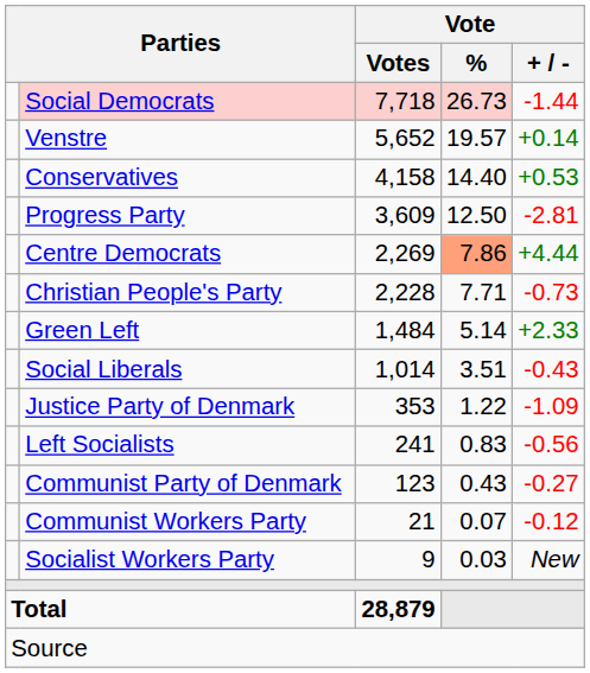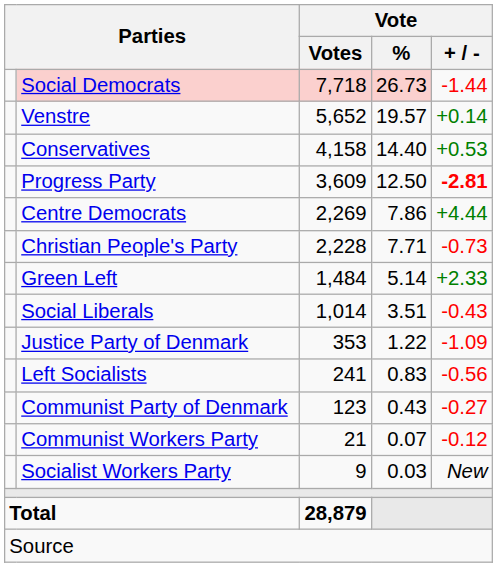 <table class="wikitable" style="text-align:right;">
 <tr>
 <th style="text-align:centre;" rowspan="2" colspan="2" width="225">Parties</th>
 <th colspan="3">Vote</th>
 </tr>
 <tr>
 <th width="15">Votes</th>
 <th width="15">%</th>
 <th width="15">+ / -</th>
 </tr>
 <tr>
 <td width="2" style="color:inherit;background:"></td>
 <td bgcolor=#fbd0ce  align="left"><a href='#'>Social Democrats</a></td>
 <td bgcolor=#fbd0ce>7,718</td>
 <td bgcolor=#fbd0ce>26.73</td>
 <td style=color:red;>-1.44</td>
 </tr>
 <tr>
 <td width="2" style="color:inherit;background:"></td>
 <td align="left"><a href='#'>Venstre</a></td>
 <td>5,652</td>
 <td>19.57</td>
 <td style=color:green;>+0.14</td>
 </tr>
 <tr>
 <td width="2" style="color:inherit;background:"></td>
 <td align="left"><a href='#'>Conservatives</a></td>
 <td>4,158</td>
 <td>14.40</td>
 <td style=color:green;>+0.53</td>
 </tr>
 <tr>
 <td width="2" style="color:inherit;background:"></td>
 <td align="left"><a href='#'>Progress Party</a></td>
 <td>3,609</td>
 <td>12.50</td>
-<td style=color:red;>-2.81</td>
+<td style=color:red;><strong>-2.81</strong></td>
 </tr>
 <tr>
 <td width="2" style="color:inherit;background:"></td>
 <td align="left"><a href='#'>Centre Democrats</a></td>
 <td>2,269</td>
-<td style="background: lightsalmon;">7.86</td>
+<td>7.86</td>
 <td style=color:green;>+4.44</td>
 </tr>
 <tr>
 <td width="2" style="color:inherit;background:"></td>
 <td align="left"><a href='#'>Christian People's Party</a></td>
 <td>2,228</td>
 <td>7.71</td>
 <td style=color:red;>-0.73</td>
 </tr>
 <tr>
 <td width="2" style="color:inherit;background:"></td>
 <td align="left"><a href='#'>Green Left</a></td>
 <td>1,484</td>
 <td>5.14</td>
 <td style=color:green;>+2.33</td>
 </tr>
 <tr>
 <td width="2" style="color:inherit;background:"></td>
 <td align="left"><a href='#'>Social Liberals</a></td>
 <td>1,014</td>
 <td>3.51</td>
 <td style=color:red;>-0.43</td>
 </tr>
 <tr>
 <td width="2" style="color:inherit;background:"></td>
 <td align="left"><a href='#'>Justice Party of Denmark</a></td>
 <td>353</td>
 <td>1.22</td>
 <td style=color:red;>-1.09</td>
 </tr>
 <tr>
 <td width="2" style="color:inherit;background:"></td>
 <td align="left"><a href='#'>Left Socialists</a></td>
 <td>241</td>
 <td>0.83</td>
 <td style=color:red;>-0.56</td>
 </tr>
 <tr>
 <td width="2" style="color:inherit;background:"></td>
 <td align="left"><a href='#'>Communist Party of Denmark</a></td>
 <td>123</td>
 <td>0.43</td>
 <td style=color:red;>-0.27</td>
 </tr>
 <tr>
 <td width="2" style="color:inherit;background:"></td>
 <td align="left"><a href='#'>Communist Workers Party</a></td>
 <td>21</td>
 <td>0.07</td>
 <td style=color:red;>-0.12</td>
 </tr>
 <tr>
 <td width="2" style="color:inherit;background:"></td>
 <td align="left"><a href='#'>Socialist Workers Party</a></td>
 <td>9</td>
 <td>0.03</td>
 <td><em>New</em></td>
 </tr>
 <tr>
 <td colspan="7" bgcolor="#E9E9E9"></td>
 </tr>
 <tr>
 <td align="left" colspan="2"><strong>Total</strong></td>
 <td><strong>28,879</strong></td>
 <td bgcolor="#E9E9E9" colspan="2"></td>
 </tr>
 <tr>
 <td align="left" colspan="6">Source</td>
 </tr>
 </table>
